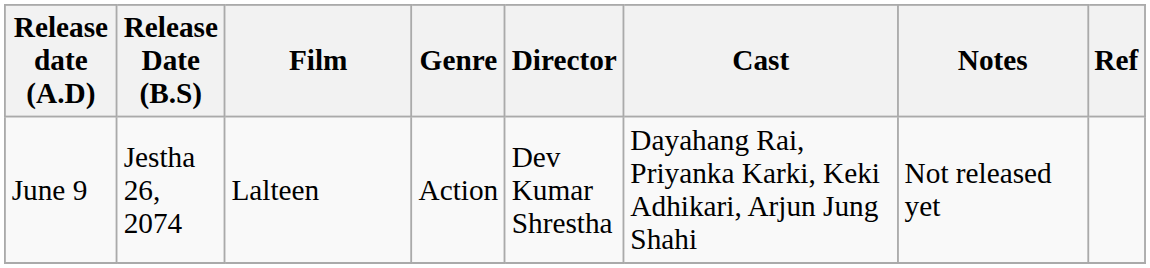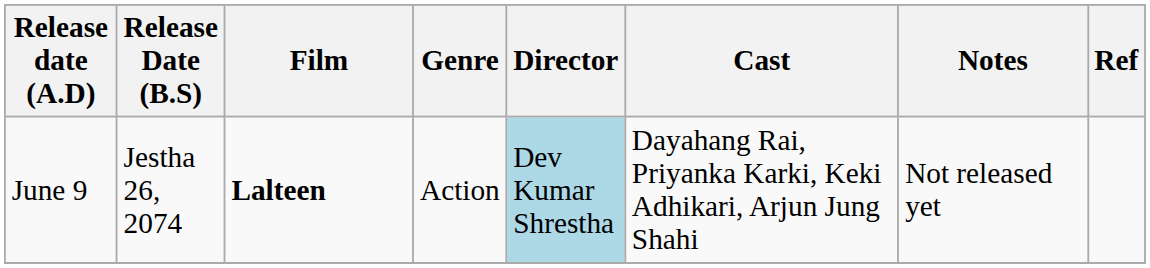 <table class="wikitable sortable" style="width:100%">
 <tr>
 <th style="width:10%;">Release date (A.D)</th>
 <th>Release Date (B.S)</th>
 <th style="width:20%;">Film</th>
 <th>Genre</th>
 <th style="width:10%;">Director</th>
 <th style="width:30%;">Cast</th>
 <th style="width:20%;">Notes</th>
 <th style="width:2%;">Ref</th>
 </tr>
 <tr>
 <td>June 9</td>
 <td>Jestha 26, 2074</td>
-<td>Lalteen</td>
+<td><strong>Lalteen</strong></td>
 <td>Action</td>
-<td>Dev Kumar Shrestha</td>
+<td style="background: lightblue;">Dev Kumar Shrestha</td>
 <td>Dayahang Rai, Priyanka Karki, Keki Adhikari, Arjun Jung Shahi</td>
 <td>Not released yet</td>
 <td></td>
 </tr>
 <tr>
 </tr>
 </table>
